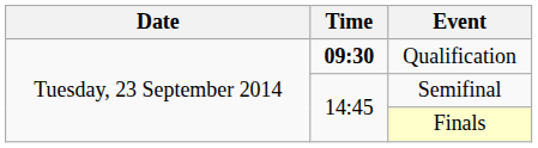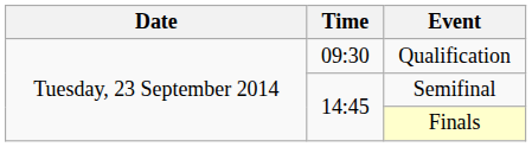 <table class = "wikitable" style="text-align:center;">
 <tr>
 <th width=220>Date</th>
 <th width=50>Time</th>
 <th width=100>Event</th>
 </tr>
 <tr>
 <td rowspan=3>Tuesday, 23 September 2014</td>
-<td><strong>09:30</strong></td>
+<td>09:30</td>
 <td>Qualification</td>
 </tr>
 <tr>
 <td rowspan=2>14:45</td>
 <td>Semifinal</td>
 </tr>
 <tr>
 <td bgcolor=ffffcc>Finals</td>
 </tr>
 </table>
